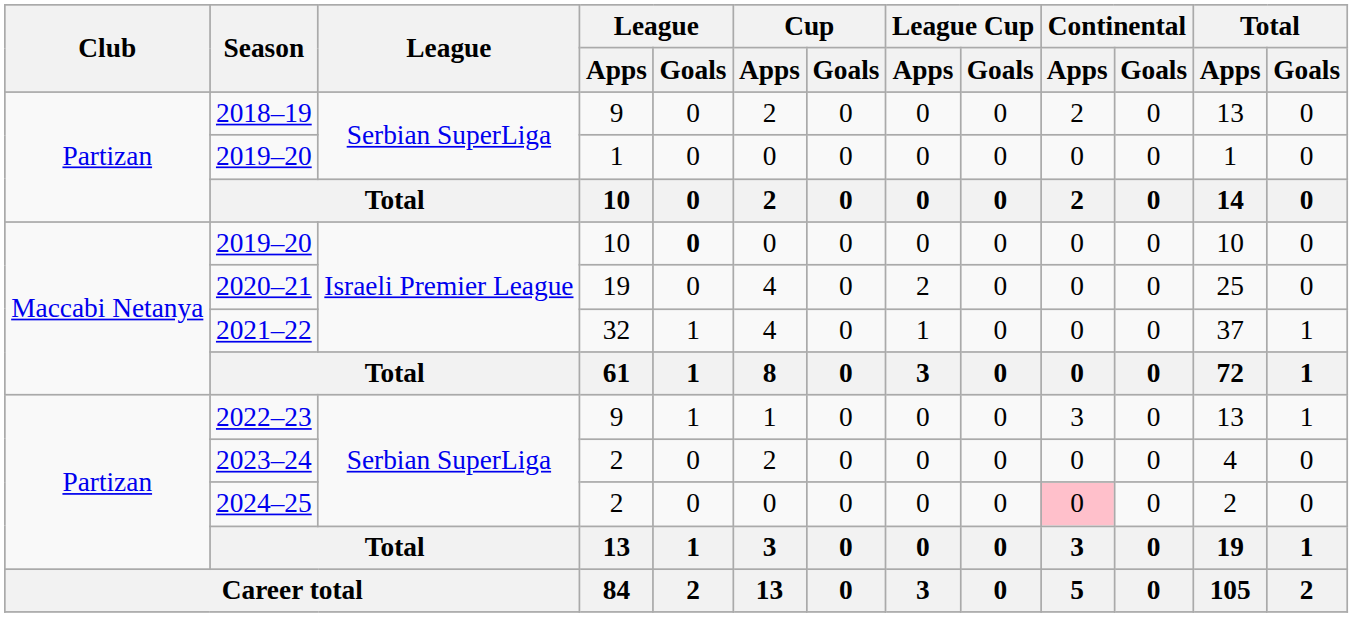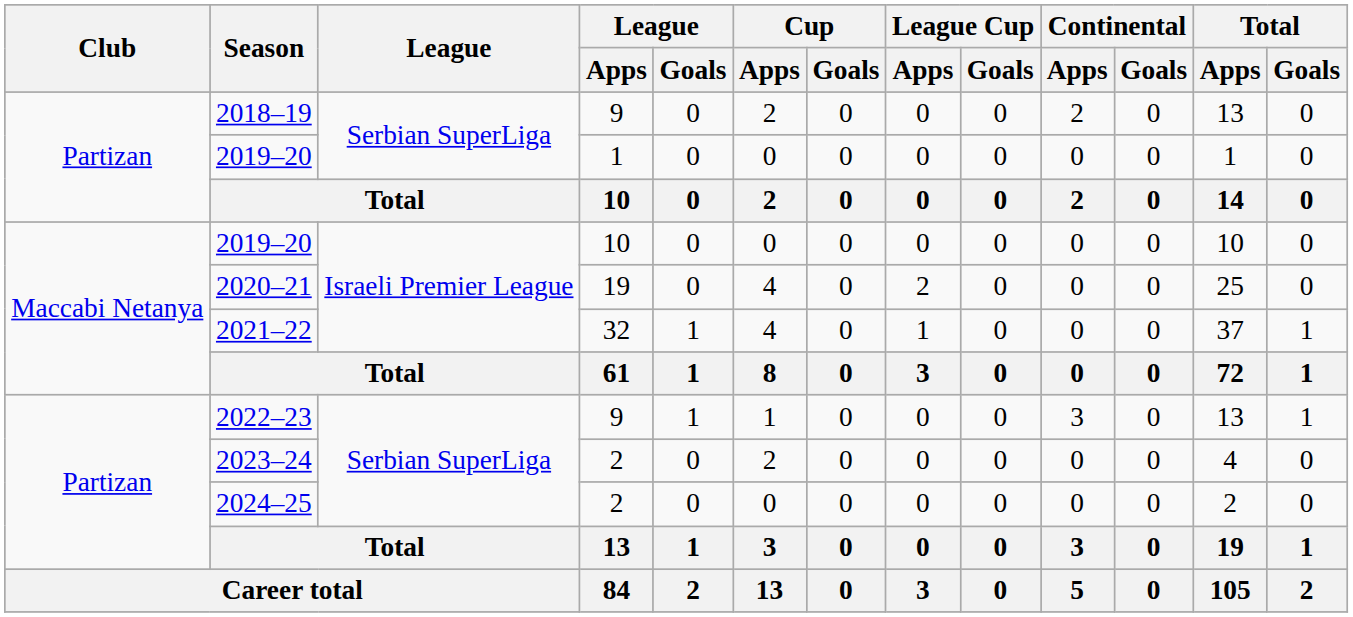 <table class="wikitable" style="text-align:center">
 <tr>
 <th rowspan="2">Club</th>
 <th rowspan="2">Season</th>
 <th rowspan="2">League</th>
 <th colspan="2">League</th>
 <th colspan="2">Cup</th>
 <th colspan="2">League Cup</th>
 <th colspan="2">Continental</th>
 <th colspan="2">Total</th>
 </tr>
 <tr>
 <th>Apps</th>
 <th>Goals</th>
 <th>Apps</th>
 <th>Goals</th>
 <th>Apps</th>
 <th>Goals</th>
 <th>Apps</th>
 <th>Goals</th>
 <th>Apps</th>
 <th>Goals</th>
 </tr>
 <tr>
 <td rowspan="3"><a href='#'>Partizan</a></td>
 <td><a href='#'>2018–19</a></td>
 <td rowspan="2"><a href='#'>Serbian SuperLiga</a></td>
 <td>9</td>
 <td>0</td>
 <td>2</td>
 <td>0</td>
 <td>0</td>
 <td>0</td>
 <td>2</td>
 <td>0</td>
 <td>13</td>
 <td>0</td>
 </tr>
 <tr>
 <td><a href='#'>2019–20</a></td>
 <td>1</td>
 <td>0</td>
 <td>0</td>
 <td>0</td>
 <td>0</td>
 <td>0</td>
 <td>0</td>
 <td>0</td>
 <td>1</td>
 <td>0</td>
 </tr>
 <tr>
 <th colspan="2">Total</th>
 <th>10</th>
 <th>0</th>
 <th>2</th>
 <th>0</th>
 <th>0</th>
 <th>0</th>
 <th>2</th>
 <th>0</th>
 <th>14</th>
 <th>0</th>
 </tr>
 <tr>
 <td rowspan="4"><a href='#'>Maccabi Netanya</a></td>
 <td><a href='#'>2019–20</a></td>
 <td rowspan="3"><a href='#'>Israeli Premier League</a></td>
 <td>10</td>
-<td><strong>0</strong></td>
+<td>0</td>
 <td>0</td>
 <td>0</td>
 <td>0</td>
 <td>0</td>
 <td>0</td>
 <td>0</td>
 <td>10</td>
 <td>0</td>
 </tr>
 <tr>
 <td><a href='#'>2020–21</a></td>
 <td>19</td>
 <td>0</td>
 <td>4</td>
 <td>0</td>
 <td>2</td>
 <td>0</td>
 <td>0</td>
 <td>0</td>
 <td>25</td>
 <td>0</td>
 </tr>
 <tr>
 <td><a href='#'>2021–22</a></td>
 <td>32</td>
 <td>1</td>
 <td>4</td>
 <td>0</td>
 <td>1</td>
 <td>0</td>
 <td>0</td>
 <td>0</td>
 <td>37</td>
 <td>1</td>
 </tr>
 <tr>
 <th colspan="2">Total</th>
 <th>61</th>
 <th>1</th>
 <th>8</th>
 <th>0</th>
 <th>3</th>
 <th>0</th>
 <th>0</th>
 <th>0</th>
 <th>72</th>
 <th>1</th>
 </tr>
 <tr>
 <td rowspan="4"><a href='#'>Partizan</a></td>
 <td><a href='#'>2022–23</a></td>
 <td rowspan="3"><a href='#'>Serbian SuperLiga</a></td>
 <td>9</td>
 <td>1</td>
 <td>1</td>
 <td>0</td>
 <td>0</td>
 <td>0</td>
 <td>3</td>
 <td>0</td>
 <td>13</td>
 <td>1</td>
 </tr>
 <tr>
 <td><a href='#'>2023–24</a></td>
 <td>2</td>
 <td>0</td>
 <td>2</td>
 <td>0</td>
 <td>0</td>
 <td>0</td>
 <td>0</td>
 <td>0</td>
 <td>4</td>
 <td>0</td>
 </tr>
 <tr>
 <td><a href='#'>2024–25</a></td>
 <td>2</td>
 <td>0</td>
 <td>0</td>
 <td>0</td>
 <td>0</td>
 <td>0</td>
-<td style="background: pink;">0</td>
+<td>0</td>
 <td>0</td>
 <td>2</td>
 <td>0</td>
 </tr>
 <tr>
 <th colspan="2">Total</th>
 <th>13</th>
 <th>1</th>
 <th>3</th>
 <th>0</th>
 <th>0</th>
 <th>0</th>
 <th>3</th>
 <th>0</th>
 <th>19</th>
 <th>1</th>
 </tr>
 <tr>
 <th colspan="3">Career total</th>
 <th>84</th>
 <th>2</th>
 <th>13</th>
 <th>0</th>
 <th>3</th>
 <th>0</th>
 <th>5</th>
 <th>0</th>
 <th>105</th>
 <th>2</th>
 </tr>
 </table>
